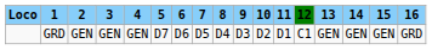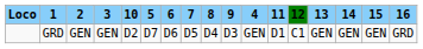 <table class="wikitable plainrowheaders unsortable" style="text-align:center">
 <tr>
 <th scope="col" rowspan="1" style="background:lightskyblue;">Loco</th>
 <th scope="col" rowspan="1" style="background:lightskyblue;">1</th>
 <th scope="col" rowspan="1" style="background:lightskyblue;">2</th>
 <th scope="col" rowspan="1" style="background:lightskyblue;">3</th>
-<th scope="col" rowspan="1" style="background:lightskyblue;">4</th>
+<th scope="col" rowspan="1" style="background:lightskyblue;">10</th>
 <th scope="col" rowspan="1" style="background:lightskyblue;">5</th>
 <th scope="col" rowspan="1" style="background:lightskyblue;">6</th>
 <th scope="col" rowspan="1" style="background:lightskyblue;">7</th>
 <th scope="col" rowspan="1" style="background:lightskyblue;">8</th>
 <th scope="col" rowspan="1" style="background:lightskyblue;">9</th>
-<th scope="col" rowspan="1" style="background:lightskyblue;">10</th>
+<th scope="col" rowspan="1" style="background:lightskyblue;">4</th>
 <th scope="col" rowspan="1" style="background:lightskyblue;">11</th>
 <th scope="col" rowspan="1" style="background:Green;">12</th>
 <th scope="col" rowspan="1" style="background:lightskyblue;">13</th>
 <th scope="col" rowspan="1" style="background:lightskyblue;">14</th>
 <th scope="col" rowspan="1" style="background:lightskyblue;">15</th>
 <th scope="col" rowspan="1" style="background:lightskyblue;">16</th>
 </tr>
 <tr>
 <td></td>
 <td>GRD</td>
 <td>GEN</td>
 <td>GEN</td>
-<td>GEN</td>
+<td>D2</td>
 <td>D7</td>
 <td>D6</td>
 <td>D5</td>
 <td>D4</td>
 <td>D3</td>
-<td>D2</td>
+<td>GEN</td>
 <td>D1</td>
 <td>C1</td>
 <td>GEN</td>
 <td>GEN</td>
 <td>GEN</td>
 <td>GRD</td>
 </tr>
 </table>
